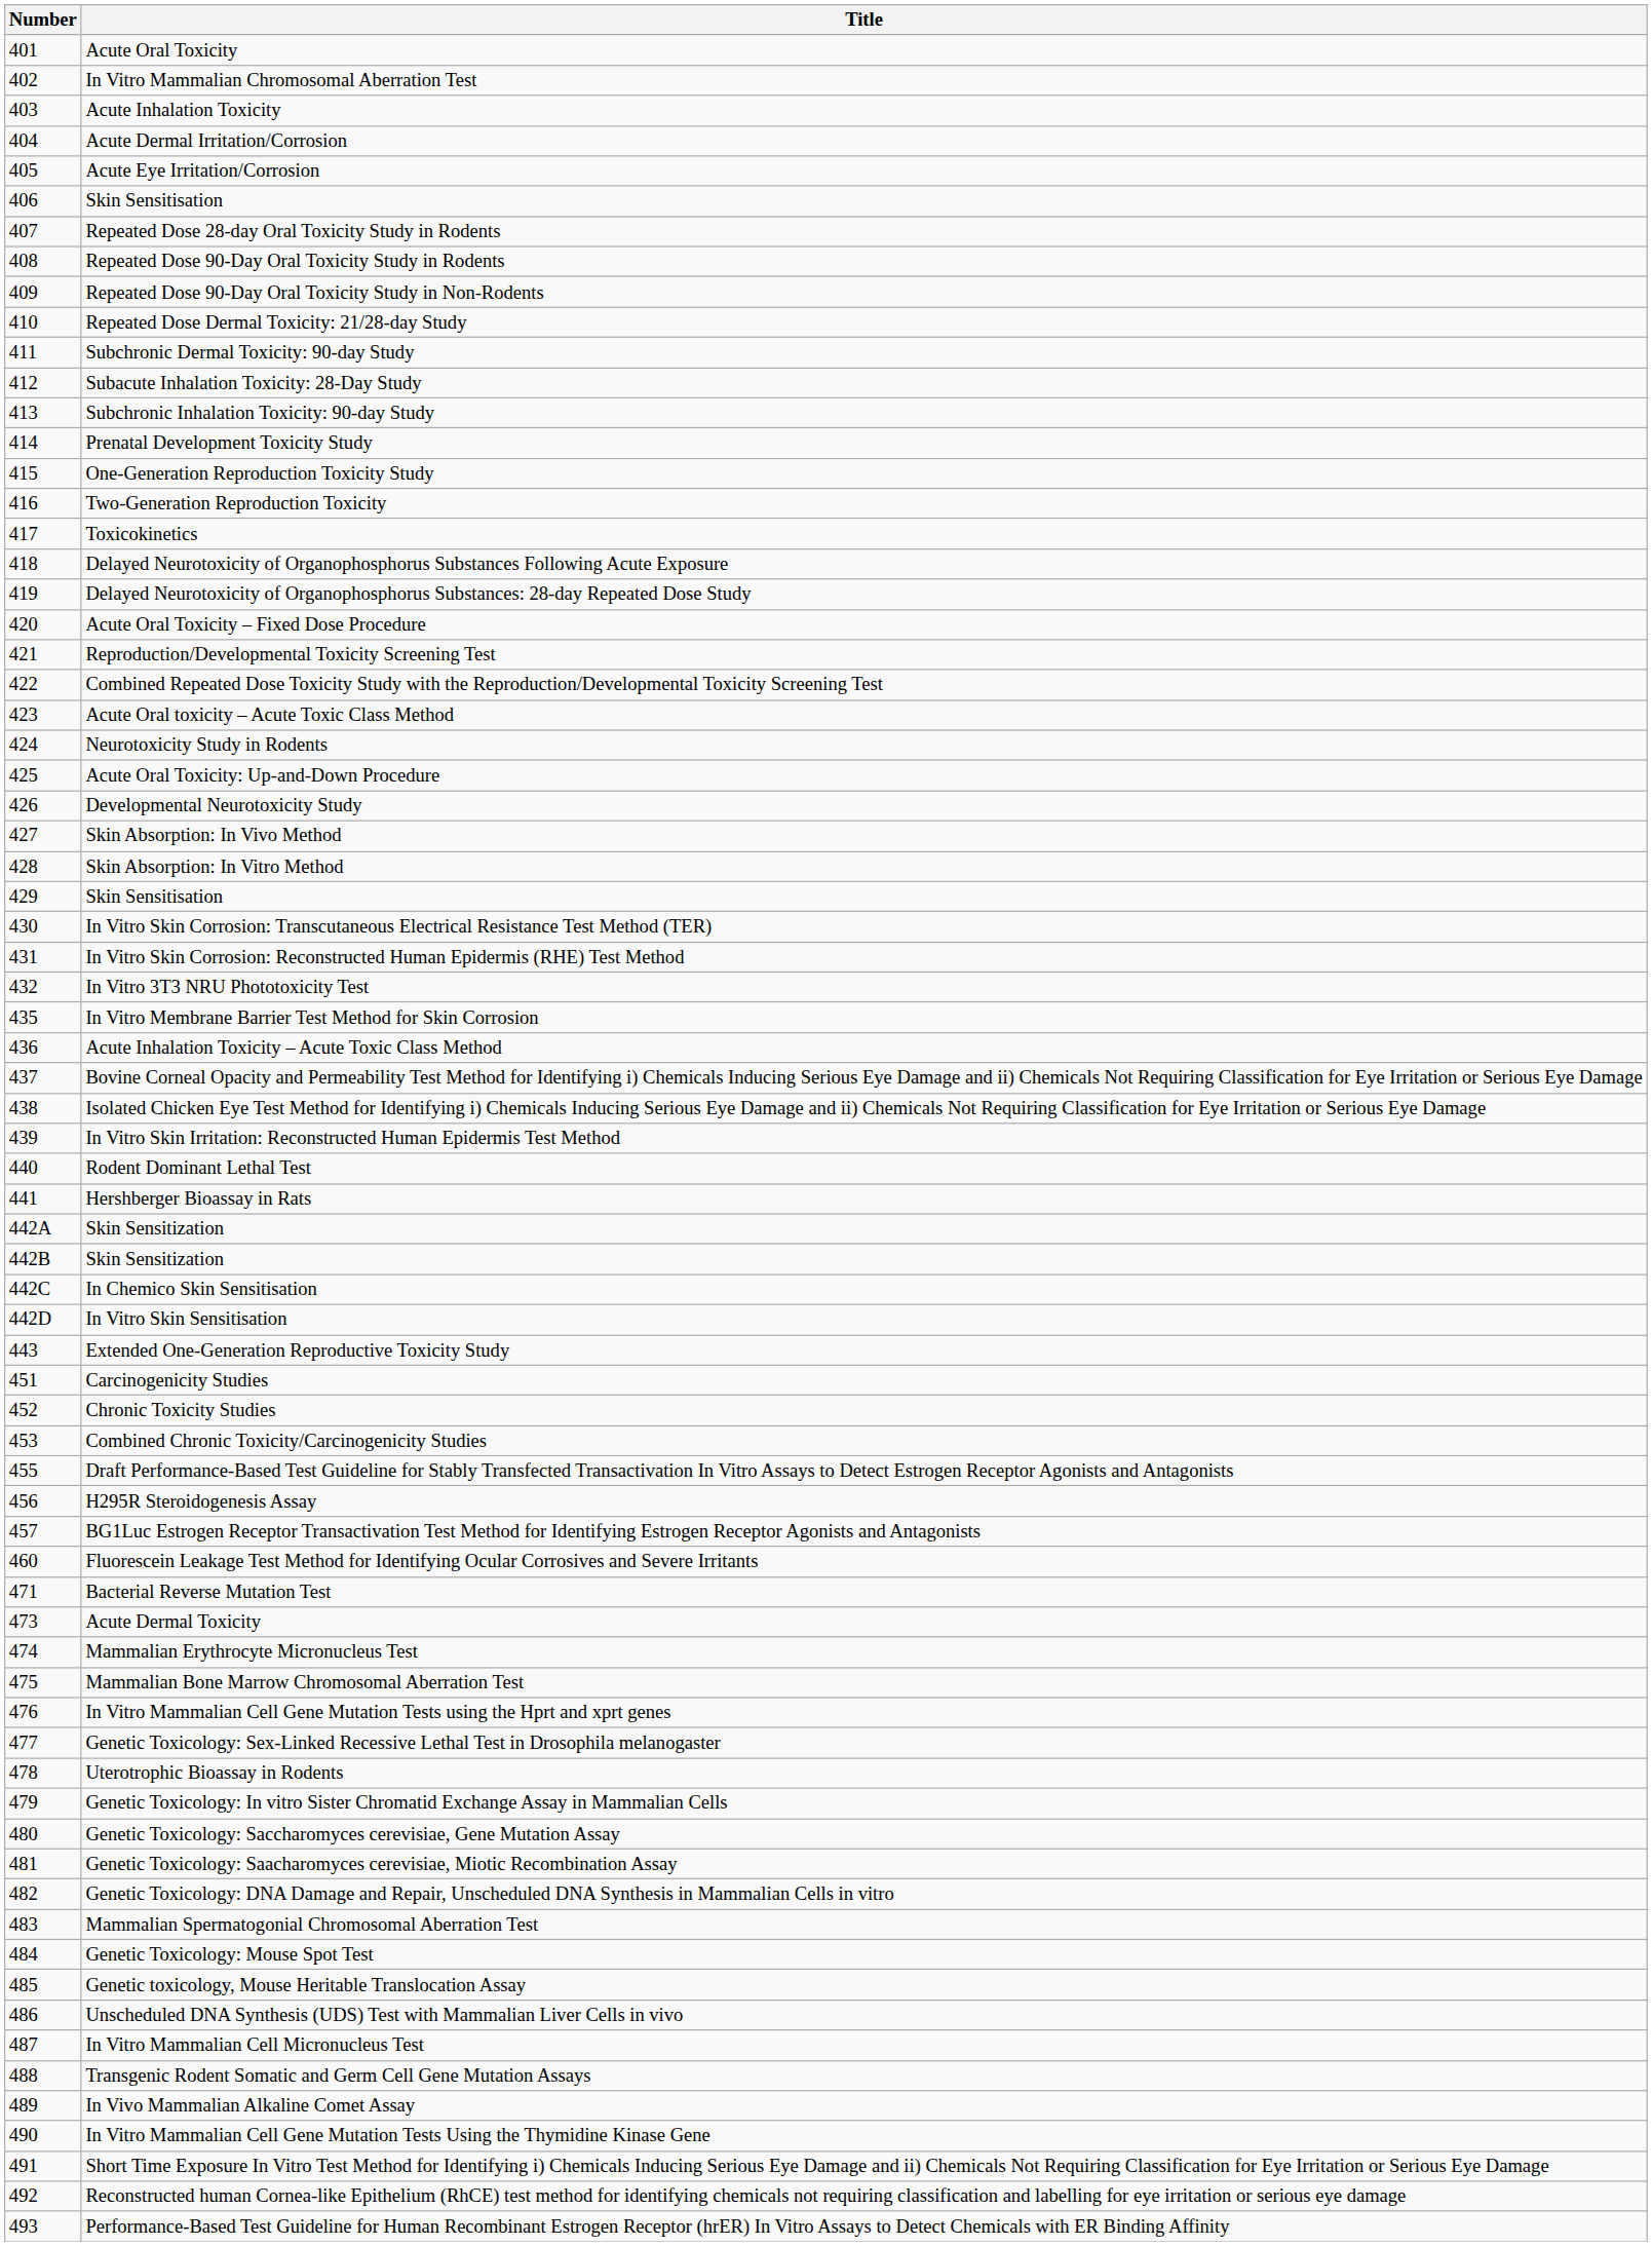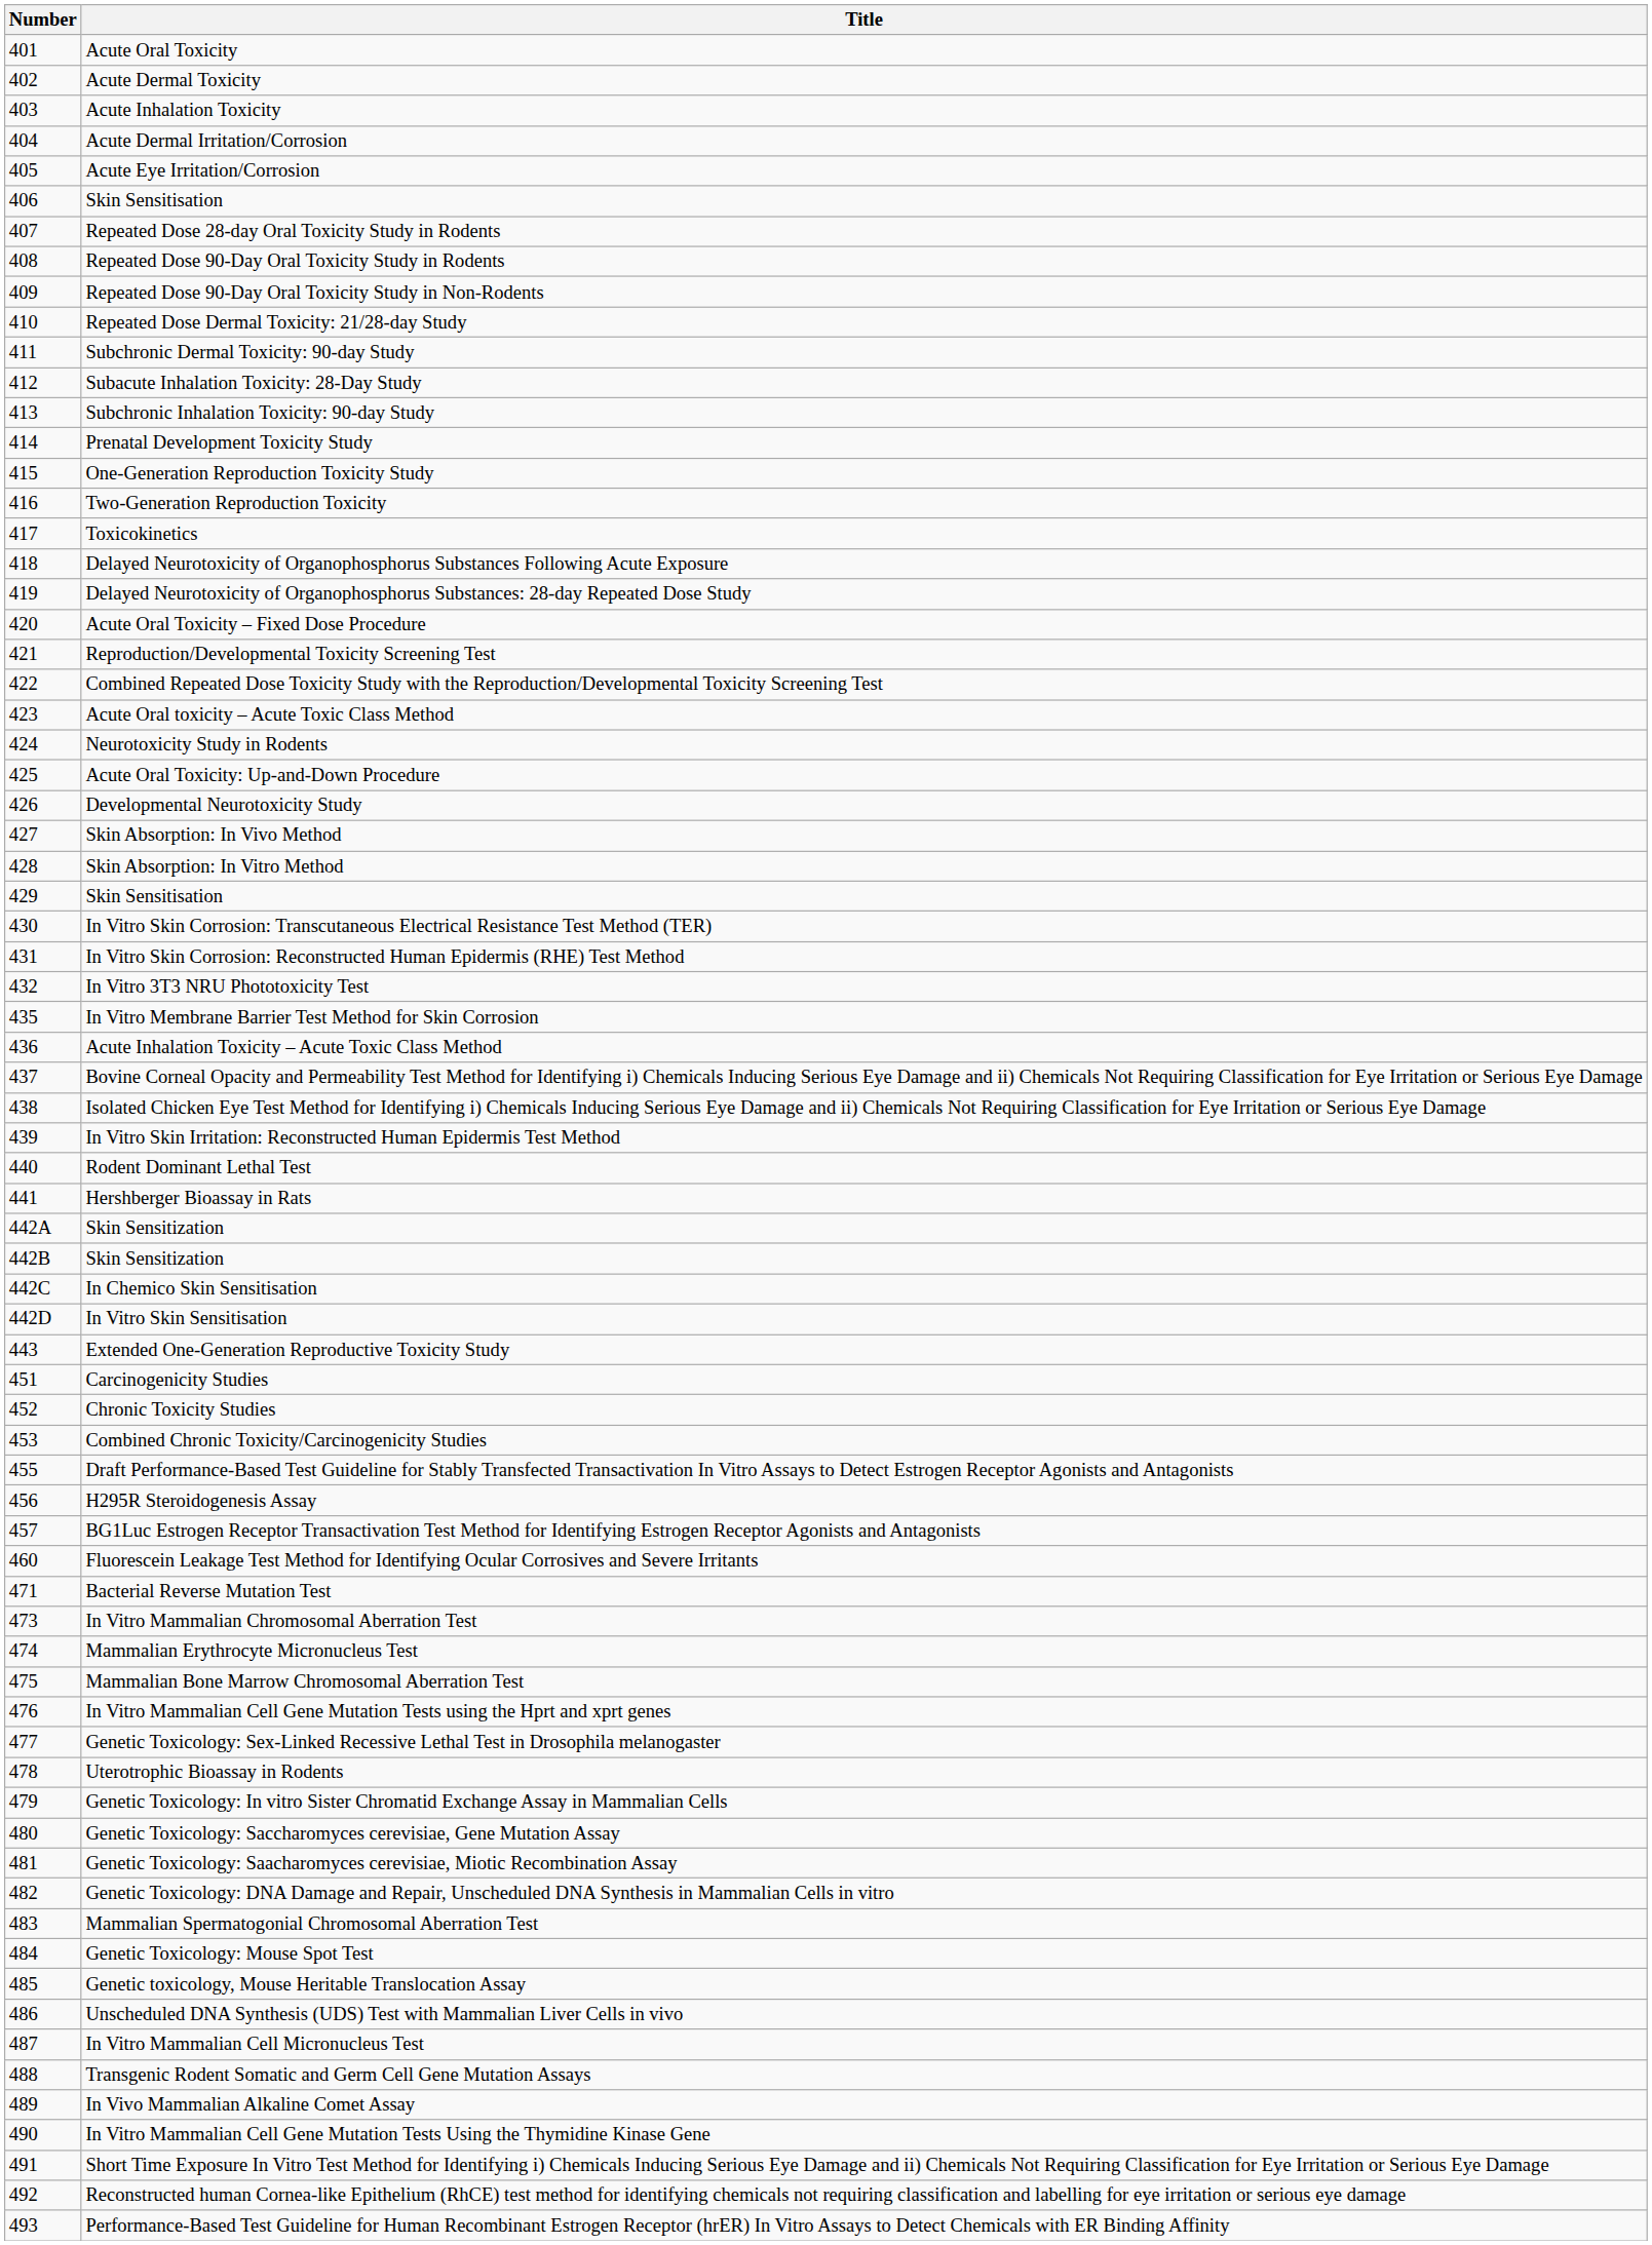 <table class="wikitable">
 <tr>
 <th>Number</th>
 <th>Title</th>
 </tr>
 <tr>
 <td>401</td>
 <td>Acute Oral Toxicity</td>
 </tr>
 <tr>
 <td>402</td>
-<td>In Vitro Mammalian Chromosomal Aberration Test</td>
+<td>Acute Dermal Toxicity</td>
 </tr>
 <tr>
 <td>403</td>
 <td>Acute Inhalation Toxicity</td>
 </tr>
 <tr>
 <td>404</td>
 <td>Acute Dermal Irritation/Corrosion</td>
 </tr>
 <tr>
 <td>405</td>
 <td>Acute Eye Irritation/Corrosion</td>
 </tr>
 <tr>
 <td>406</td>
 <td>Skin Sensitisation</td>
 </tr>
 <tr>
 <td>407</td>
 <td>Repeated Dose 28-day Oral Toxicity Study in Rodents</td>
 </tr>
 <tr>
 <td>408</td>
 <td>Repeated Dose 90-Day Oral Toxicity Study in Rodents</td>
 </tr>
 <tr>
 <td>409</td>
 <td>Repeated Dose 90-Day Oral Toxicity Study in Non-Rodents</td>
 </tr>
 <tr>
 <td>410</td>
 <td>Repeated Dose Dermal Toxicity: 21/28-day Study</td>
 </tr>
 <tr>
 <td>411</td>
 <td>Subchronic Dermal Toxicity: 90-day Study</td>
 </tr>
 <tr>
 <td>412</td>
 <td>Subacute Inhalation Toxicity: 28-Day Study</td>
 </tr>
 <tr>
 <td>413</td>
 <td>Subchronic Inhalation Toxicity: 90-day Study</td>
 </tr>
 <tr>
 <td>414</td>
 <td>Prenatal Development Toxicity Study</td>
 </tr>
 <tr>
 <td>415</td>
 <td>One-Generation Reproduction Toxicity Study</td>
 </tr>
 <tr>
 <td>416</td>
 <td>Two-Generation Reproduction Toxicity</td>
 </tr>
 <tr>
 <td>417</td>
 <td>Toxicokinetics</td>
 </tr>
 <tr>
 <td>418</td>
 <td>Delayed Neurotoxicity of Organophosphorus Substances Following Acute Exposure</td>
 </tr>
 <tr>
 <td>419</td>
 <td>Delayed Neurotoxicity of Organophosphorus Substances: 28-day Repeated Dose Study</td>
 </tr>
 <tr>
 <td>420</td>
 <td>Acute Oral Toxicity – Fixed Dose Procedure</td>
 </tr>
 <tr>
 <td>421</td>
 <td>Reproduction/Developmental Toxicity Screening Test</td>
 </tr>
 <tr>
 <td>422</td>
 <td>Combined Repeated Dose Toxicity Study with the Reproduction/Developmental Toxicity Screening Test</td>
 </tr>
 <tr>
 <td>423</td>
 <td>Acute Oral toxicity – Acute Toxic Class Method</td>
 </tr>
 <tr>
 <td>424</td>
 <td>Neurotoxicity Study in Rodents</td>
 </tr>
 <tr>
 <td>425</td>
 <td>Acute Oral Toxicity: Up-and-Down Procedure</td>
 </tr>
 <tr>
 <td>426</td>
 <td>Developmental Neurotoxicity Study</td>
 </tr>
 <tr>
 <td>427</td>
 <td>Skin Absorption: In Vivo Method</td>
 </tr>
 <tr>
 <td>428</td>
 <td>Skin Absorption: In Vitro Method</td>
 </tr>
 <tr>
 <td>429</td>
 <td>Skin Sensitisation</td>
 </tr>
 <tr>
 <td>430</td>
 <td>In Vitro Skin Corrosion: Transcutaneous Electrical Resistance Test Method (TER)</td>
 </tr>
 <tr>
 <td>431</td>
 <td>In Vitro Skin Corrosion: Reconstructed Human Epidermis (RHE) Test Method</td>
 </tr>
 <tr>
 <td>432</td>
 <td>In Vitro 3T3 NRU Phototoxicity Test</td>
 </tr>
 <tr>
 <td>435</td>
 <td>In Vitro Membrane Barrier Test Method for Skin Corrosion</td>
 </tr>
 <tr>
 <td>436</td>
 <td>Acute Inhalation Toxicity – Acute Toxic Class Method</td>
 </tr>
 <tr>
 <td>437</td>
 <td>Bovine Corneal Opacity and Permeability Test Method for Identifying i) Chemicals Inducing Serious Eye Damage and ii) Chemicals Not Requiring Classification for Eye Irritation or Serious Eye Damage</td>
 </tr>
 <tr>
 <td>438</td>
 <td>Isolated Chicken Eye Test Method for Identifying i) Chemicals Inducing Serious Eye Damage and ii) Chemicals Not Requiring Classification for Eye Irritation or Serious Eye Damage</td>
 </tr>
 <tr>
 <td>439</td>
 <td>In Vitro Skin Irritation: Reconstructed Human Epidermis Test Method</td>
 </tr>
 <tr>
 <td>440</td>
 <td>Rodent Dominant Lethal Test</td>
 </tr>
 <tr>
 <td>441</td>
 <td>Hershberger Bioassay in Rats</td>
 </tr>
 <tr>
 <td>442A</td>
 <td>Skin Sensitization</td>
 </tr>
 <tr>
 <td>442B</td>
 <td>Skin Sensitization</td>
 </tr>
 <tr>
 <td>442C</td>
 <td>In Chemico Skin Sensitisation</td>
 </tr>
 <tr>
 <td>442D</td>
 <td>In Vitro Skin Sensitisation</td>
 </tr>
 <tr>
 <td>443</td>
 <td>Extended One-Generation Reproductive Toxicity Study</td>
 </tr>
 <tr>
 <td>451</td>
 <td>Carcinogenicity Studies</td>
 </tr>
 <tr>
 <td>452</td>
 <td>Chronic Toxicity Studies</td>
 </tr>
 <tr>
 <td>453</td>
 <td>Combined Chronic Toxicity/Carcinogenicity Studies</td>
 </tr>
 <tr>
 <td>455</td>
 <td>Draft Performance-Based Test Guideline for Stably Transfected Transactivation In Vitro Assays to Detect Estrogen Receptor Agonists and Antagonists</td>
 </tr>
 <tr>
 <td>456</td>
 <td>H295R Steroidogenesis Assay</td>
 </tr>
 <tr>
 <td>457</td>
 <td>BG1Luc Estrogen Receptor Transactivation Test Method for Identifying Estrogen Receptor Agonists and Antagonists</td>
 </tr>
 <tr>
 <td>460</td>
 <td>Fluorescein Leakage Test Method for Identifying Ocular Corrosives and Severe Irritants</td>
 </tr>
 <tr>
 <td>471</td>
 <td>Bacterial Reverse Mutation Test</td>
 </tr>
 <tr>
 <td>473</td>
-<td>Acute Dermal Toxicity</td>
+<td>In Vitro Mammalian Chromosomal Aberration Test</td>
 </tr>
 <tr>
 <td>474</td>
 <td>Mammalian Erythrocyte Micronucleus Test</td>
 </tr>
 <tr>
 <td>475</td>
 <td>Mammalian Bone Marrow Chromosomal Aberration Test</td>
 </tr>
 <tr>
 <td>476</td>
 <td>In Vitro Mammalian Cell Gene Mutation Tests using the Hprt and xprt genes</td>
 </tr>
 <tr>
 <td>477</td>
 <td>Genetic Toxicology: Sex-Linked Recessive Lethal Test in Drosophila melanogaster</td>
 </tr>
 <tr>
 <td>478</td>
 <td>Uterotrophic Bioassay in Rodents</td>
 </tr>
 <tr>
 <td>479</td>
 <td>Genetic Toxicology: In vitro Sister Chromatid Exchange Assay in Mammalian Cells</td>
 </tr>
 <tr>
 <td>480</td>
 <td>Genetic Toxicology: Saccharomyces cerevisiae, Gene Mutation Assay</td>
 </tr>
 <tr>
 <td>481</td>
 <td>Genetic Toxicology: Saacharomyces cerevisiae, Miotic Recombination Assay</td>
 </tr>
 <tr>
 <td>482</td>
 <td>Genetic Toxicology: DNA Damage and Repair, Unscheduled DNA Synthesis in Mammalian Cells in vitro</td>
 </tr>
 <tr>
 <td>483</td>
 <td>Mammalian Spermatogonial Chromosomal Aberration Test</td>
 </tr>
 <tr>
 <td>484</td>
 <td>Genetic Toxicology: Mouse Spot Test</td>
 </tr>
 <tr>
 <td>485</td>
 <td>Genetic toxicology, Mouse Heritable Translocation Assay</td>
 </tr>
 <tr>
 <td>486</td>
 <td>Unscheduled DNA Synthesis (UDS) Test with Mammalian Liver Cells in vivo</td>
 </tr>
 <tr>
 <td>487</td>
 <td>In Vitro Mammalian Cell Micronucleus Test</td>
 </tr>
 <tr>
 <td>488</td>
 <td>Transgenic Rodent Somatic and Germ Cell Gene Mutation Assays</td>
 </tr>
 <tr>
 <td>489</td>
 <td>In Vivo Mammalian Alkaline Comet Assay</td>
 </tr>
 <tr>
 <td>490</td>
 <td>In Vitro Mammalian Cell Gene Mutation Tests Using the Thymidine Kinase Gene</td>
 </tr>
 <tr>
 <td>491</td>
 <td>Short Time Exposure In Vitro Test Method for Identifying i) Chemicals Inducing Serious Eye Damage and ii) Chemicals Not Requiring Classification for Eye Irritation or Serious Eye Damage</td>
 </tr>
 <tr>
 <td>492</td>
 <td>Reconstructed human Cornea-like Epithelium (RhCE) test method for identifying chemicals not requiring classification and labelling for eye irritation or serious eye damage</td>
 </tr>
 <tr>
 <td>493</td>
 <td>Performance-Based Test Guideline for Human Recombinant Estrogen Receptor (hrER) In Vitro Assays to Detect Chemicals with ER Binding Affinity</td>
 </tr>
 </table>
